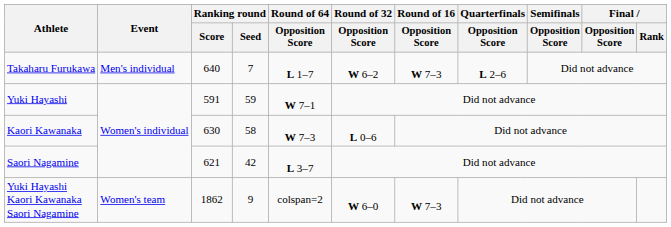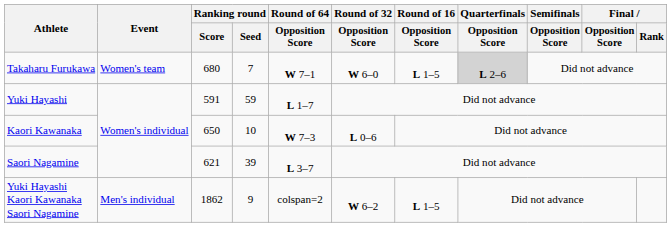 <table class="wikitable" style="font-size:90%">
 <tr>
 <th rowspan=2>Athlete</th>
 <th rowspan=2>Event</th>
 <th colspan="2">Ranking round</th>
 <th>Round of 64</th>
 <th>Round of 32</th>
 <th>Round of 16</th>
 <th>Quarterfinals</th>
 <th>Semifinals</th>
 <th colspan="2">Final / </th>
 </tr>
 <tr style="font-size:95%">
 <th>Score</th>
 <th>Seed</th>
 <th>Opposition<br>Score</th>
 <th>Opposition<br>Score</th>
 <th>Opposition<br>Score</th>
 <th>Opposition<br>Score</th>
 <th>Opposition<br>Score</th>
 <th>Opposition<br>Score</th>
 <th>Rank</th>
 </tr>
 <tr align=center>
 <td align=left><a href='#'>Takaharu Furukawa</a></td>
-<td align=left><a href='#'>Men's individual</a></td>
-<td>640</td>
+<td align=left><a href='#'>Women's team</a></td>
+<td>680</td>
 <td>7</td>
-<td><br><strong>L</strong> 1–7</td>
-<td><br><strong>W</strong> 6–2</td>
-<td><br><strong>W</strong> 7–3</td>
-<td><br><strong>L</strong> 2–6</td>
+<td><br><strong>W</strong> 7–1</td>
+<td><br><strong>W</strong> 6–0</td>
+<td><br><strong>L</strong> 1–5</td>
+<td style="background: lightgrey;"><br><strong>L</strong> 2–6</td>
 <td colspan=3>Did not advance</td>
 </tr>
 <tr align=center>
 <td align=left><a href='#'>Yuki Hayashi</a></td>
 <td align=left rowspan=3><a href='#'>Women's individual</a></td>
 <td>591</td>
 <td>59</td>
-<td><br><strong>W</strong> 7–1</td>
+<td><br><strong>L</strong> 1–7</td>
 <td colspan=6>Did not advance</td>
 </tr>
 <tr align=center>
 <td align=left><a href='#'>Kaori Kawanaka</a></td>
-<td>630</td>
-<td>58</td>
+<td>650</td>
+<td>10</td>
 <td><br><strong>W</strong> 7–3</td>
 <td><br><strong>L</strong> 0–6</td>
 <td colspan=6>Did not advance</td>
 </tr>
 <tr align=center>
 <td align=left><a href='#'>Saori Nagamine</a></td>
 <td>621</td>
-<td>42</td>
+<td>39</td>
 <td><br><strong>L</strong> 3–7</td>
 <td colspan=6>Did not advance</td>
 </tr>
 <tr align=center>
 <td align=left><a href='#'>Yuki Hayashi</a><br><a href='#'>Kaori Kawanaka</a><br><a href='#'>Saori Nagamine</a></td>
-<td align=left><a href='#'>Women's team</a></td>
+<td align=left><a href='#'>Men's individual</a></td>
 <td>1862</td>
 <td>9</td>
 <td>colspan=2 </td>
-<td><br><strong>W</strong> 6–0</td>
-<td><br><strong>W</strong> 7–3</td>
+<td><br><strong>W</strong> 6–2</td>
+<td><br><strong>L</strong> 1–5</td>
 <td colspan=3>Did not advance</td>
 </tr>
 </table>
